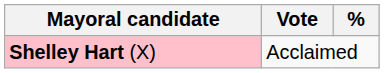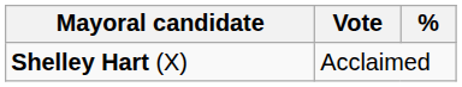 <table class="wikitable">
 <tr>
 <th width="200px">Mayoral candidate</th>
 <th width="50px">Vote</th>
 <th width="30px">%</th>
 </tr>
 <tr>
-<td style="background: pink;"><strong>Shelley Hart</strong> (X)</td>
+<td><strong>Shelley Hart</strong> (X)</td>
 <td colspan="2">Acclaimed</td>
 </tr>
 </table>
